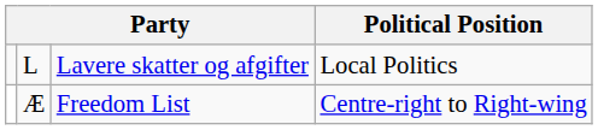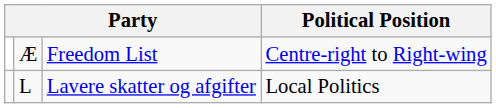 <table class="wikitable mw-collapsible mw-collapsed">
 <tr>
 <th colspan="3">Party</th>
 <th>Political Position</th>
+</tr>
+<tr>
+<td bgcolor="#FFFFFF"></td>
+<td>Æ</td>
+<td><a href='#'>Freedom List</a></td>
+<td><a href='#'>Centre-right</a> to <a href='#'>Right-wing</a></td>
 </tr>
 <tr>
 <td></td>
 <td>L</td>
 <td><a href='#'>Lavere skatter og afgifter</a></td>
 <td>Local Politics</td>
 </tr>
-<tr>
-<td bgcolor="#FFFFFF"></td>
-<td>Æ</td>
-<td><a href='#'>Freedom List</a></td>
-<td><a href='#'>Centre-right</a> to <a href='#'>Right-wing</a></td>
-</tr>
 </table>
